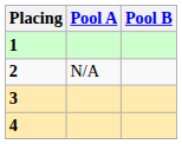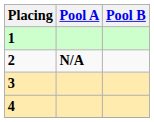 <table class=wikitable style="border:1px solid #AAAAAA;">
 <tr>
 <th>Placing</th>
 <th><a href='#'>Pool A</a></th>
 <th><a href='#'>Pool B</a></th>
 </tr>
 <tr style="background: #ccffcc;">
 <td><strong>1</strong></td>
 <td></td>
 <td></td>
 </tr>
 <tr>
 <td><strong>2</strong></td>
-<td>N/A</td>
+<td><strong>N/A</strong></td>
 <td></td>
 </tr>
 <tr style="background: #ffebad;">
 <td><strong>3</strong></td>
 <td></td>
 <td></td>
 </tr>
 <tr style="background: #ffebad;">
 <td><strong>4</strong></td>
 <td></td>
 <td></td>
 </tr>
 <tr>
 </tr>
 </table>
